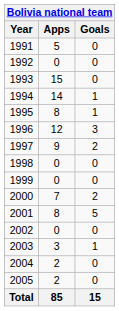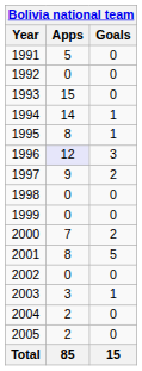 <table class="wikitable" style="text-align:center">
 <tr>
 <th colspan=3><a href='#'>Bolivia national team</a></th>
 </tr>
 <tr>
 <th>Year</th>
 <th>Apps</th>
 <th>Goals</th>
 </tr>
 <tr>
 <td>1991</td>
 <td>5</td>
 <td>0</td>
 </tr>
 <tr>
 <td>1992</td>
 <td>0</td>
 <td>0</td>
 </tr>
 <tr>
 <td>1993</td>
 <td>15</td>
 <td>0</td>
 </tr>
 <tr>
 <td>1994</td>
 <td>14</td>
 <td>1</td>
 </tr>
 <tr>
 <td>1995</td>
 <td>8</td>
 <td>1</td>
 </tr>
 <tr>
 <td>1996</td>
-<td>12</td>
+<td style="background: lavender;">12</td>
 <td>3</td>
 </tr>
 <tr>
 <td>1997</td>
 <td>9</td>
 <td>2</td>
 </tr>
 <tr>
 <td>1998</td>
 <td>0</td>
 <td>0</td>
 </tr>
 <tr>
 <td>1999</td>
 <td>0</td>
 <td>0</td>
 </tr>
 <tr>
 <td>2000</td>
 <td>7</td>
 <td>2</td>
 </tr>
 <tr>
 <td>2001</td>
 <td>8</td>
 <td>5</td>
 </tr>
 <tr>
 <td>2002</td>
 <td>0</td>
 <td>0</td>
 </tr>
 <tr>
 <td>2003</td>
 <td>3</td>
 <td>1</td>
 </tr>
 <tr>
 <td>2004</td>
 <td>2</td>
 <td>0</td>
 </tr>
 <tr>
 <td>2005</td>
 <td>2</td>
 <td>0</td>
 </tr>
 <tr>
 <th>Total</th>
 <th>85</th>
 <th>15</th>
 </tr>
 </table>
